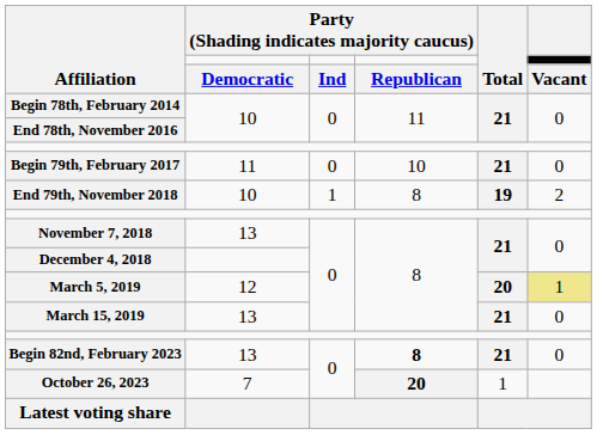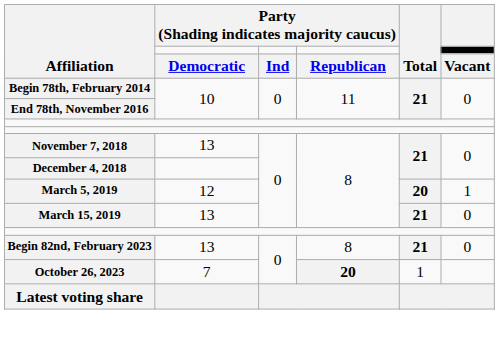 <table class=wikitable style="text-align:center" width=40%>
 <tr style="vertical-align:bottom;">
 <th rowspan=3>Affiliation</th>
 <th colspan=3>Party <div>(Shading indicates majority caucus)</div></th>
 <th rowspan=3>Total</th>
 <th></th>
 </tr>
 <tr style="height:5px">
 <td style="background-color:"></td>
 <td style="background-color:"></td>
 <td style="background-color:"></td>
 <td style="background: black"></td>
 </tr>
 <tr>
 <th><a href='#'>Democratic</a></th>
 <th><a href='#'>Ind</a></th>
 <th><a href='#'>Republican</a></th>
 <th>Vacant</th>
 </tr>
 <tr>
 <th nowrap style="font-size:80%">Begin 78th, February 2014</th>
 <td rowspan=2>10</td>
 <td rowspan=2>0</td>
 <td rowspan=2 >11</td>
 <th rowspan=2>21</th>
 <td rowspan=2>0</td>
 </tr>
 <tr>
 <th nowrap style="font-size:80%">End 78th, November 2016</th>
 </tr>
 <tr>
 <td colspan=6></td>
 </tr>
 <tr>
-<th nowrap style="font-size:80%">Begin 79th, February 2017</th>
-<td>11</td>
-<td>0</td>
-<td>10</td>
-<th>21</th>
-<td>0</td>
-</tr>
-<tr>
-<th nowrap style="font-size:80%">End 79th, November 2018</th>
-<td>10</td>
-<td>1</td>
-<td>8</td>
-<th>19</th>
-<td>2</td>
-</tr>
-<tr>
 <td colspan=6></td>
 </tr>
 <tr>
 <th nowrap style="font-size:80%">November 7, 2018</th>
 <td>13</td>
 <td rowspan=4>0</td>
 <td rowspan=4>8</td>
 <th rowspan=2>21</th>
 <td rowspan=2>0</td>
 </tr>
 <tr>
 <th nowrap style="font-size:80%">December 4, 2018</th>
 </tr>
 <tr>
 <th nowrap style="font-size:80%">March 5, 2019</th>
 <td>12</td>
 <th>20</th>
-<td style="background: khaki;">1</td>
+<td>1</td>
 </tr>
 <tr>
 <th nowrap style="font-size:80%">March 15, 2019</th>
 <td>13</td>
 <th>21</th>
 <td>0</td>
 </tr>
 <tr>
 <td colspan=6></td>
 </tr>
 <tr>
 <th nowrap style="font-size:80%">Begin 82nd, February 2023</th>
 <td>13</td>
 <td rowspan=2>0</td>
-<td><strong>8</strong></td>
+<td>8</td>
 <th>21</th>
 <td>0</td>
 </tr>
 <tr>
 <th nowrap style="font-size:80%">October 26, 2023</th>
 <td>7</td>
 <th>20</th>
 <td>1</td>
 </tr>
 <tr>
 <th>Latest voting share</th>
 <th></th>
 <th colspan=2></th>
 <th colspan=2></th>
 </tr>
 </table>
